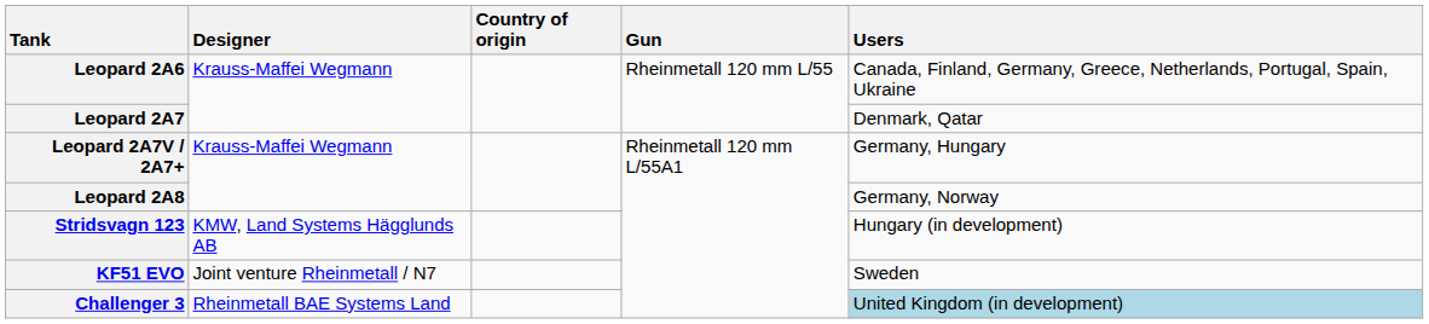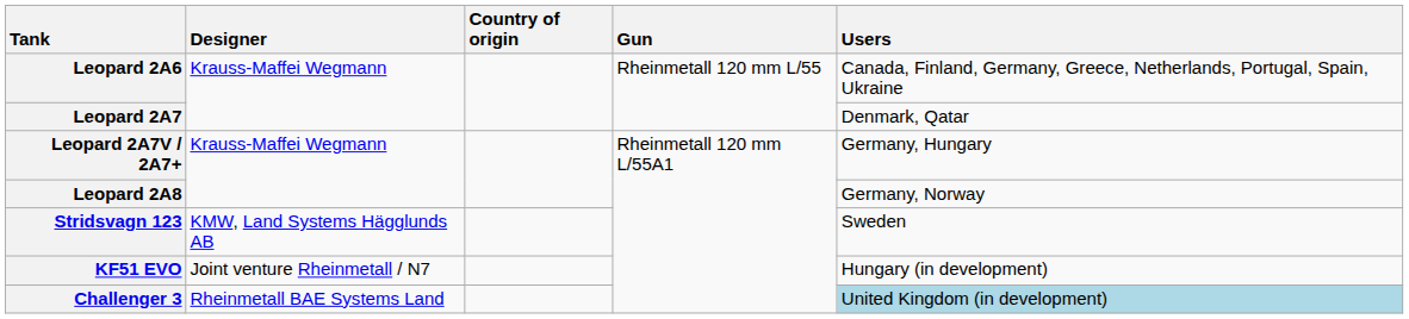 <table class="wikitable" style="border-collapse:collapse; text-align:left;" summary="L/55 gun employment">
 <tr style="vertical-align:bottom; border-bottom:1px solid #999;">
 <th style="text-align:left;">Tank</th>
 <th style="text-align:left;">Designer</th>
 <th style="text-align:left;">Country of origin</th>
 <th style="text-align:left;">Gun</th>
 <th style="text-align:left;">Users</th>
 </tr>
 <tr style="vertical-align:top; ">
 <th style="text-align:right;">Leopard 2A6</th>
 <td rowspan="2"><a href='#'>Krauss-Maffei Wegmann</a></td>
 <td rowspan="2"></td>
 <td rowspan="2">Rheinmetall 120 mm L/55</td>
 <td>Canada, Finland, Germany, Greece, Netherlands, Portugal, Spain, Ukraine</td>
 </tr>
 <tr style="vertical-align:top; ">
 <th style="text-align:right;">Leopard 2A7</th>
 <td>Denmark, Qatar</td>
 </tr>
 <tr style="vertical-align:top; ">
 <th style="text-align:right;">Leopard 2A7V / 2A7+</th>
 <td rowspan="2"><a href='#'>Krauss-Maffei Wegmann</a></td>
 <td rowspan="2"></td>
 <td rowspan="5">Rheinmetall 120 mm L/55A1</td>
 <td>Germany, Hungary </td>
 </tr>
 <tr style="vertical-align:top; ">
 <th style="text-align:right;">Leopard 2A8</th>
 <td>Germany, Norway </td>
 </tr>
 <tr style="vertical-align:top; ">
 <th style="text-align:right;"><a href='#'>Stridsvagn 123</a></th>
 <td><a href='#'>KMW</a>, <a href='#'>Land Systems Hägglunds AB</a></td>
 <td></td>
-<td>Hungary (in development)</td>
+<td>Sweden </td>
 </tr>
 <tr style="vertical-align:top; ">
 <th style="text-align:right;"><a href='#'>KF51 EVO</a></th>
 <td>Joint venture <a href='#'>Rheinmetall</a> / N7</td>
 <td></td>
-<td>Sweden </td>
+<td>Hungary (in development)</td>
 </tr>
 <tr style="vertical-align:top; ">
 <th style="text-align:right;"><a href='#'>Challenger 3</a></th>
 <td><a href='#'>Rheinmetall BAE Systems Land</a></td>
 <td></td>
 <td style="background: lightblue;">United Kingdom (in development)</td>
 </tr>
 </table>
